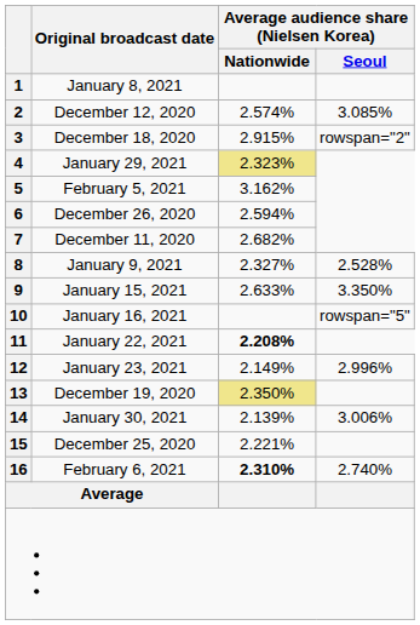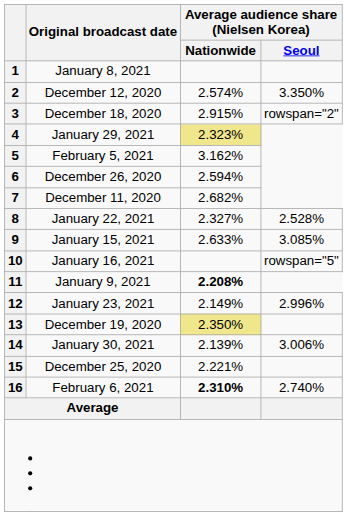 <table class="wikitable" style="text-align:center;max-width:450px; margin-left: auto; margin-right: auto; border: none;">
 <tr>
 </tr>
 <tr>
 <th rowspan="2"></th>
 <th rowspan="2">Original broadcast date</th>
 <th colspan="2">Average audience share<br>(Nielsen Korea)</th>
 </tr>
 <tr>
 <th width="90">Nationwide</th>
 <th width="90"><a href='#'>Seoul</a></th>
 </tr>
 <tr>
 <th>1</th>
 <td>January 8, 2021</td>
 <td><strong></strong> </td>
 <td><strong></strong> </td>
 </tr>
 <tr>
 <th>2</th>
 <td>December 12, 2020</td>
 <td>2.574% </td>
-<td>3.085% </td>
+<td>3.350% </td>
 </tr>
 <tr>
 <th>3</th>
 <td>December 18, 2020</td>
 <td>2.915% </td>
 <td>rowspan="2" </td>
 </tr>
 <tr>
 <th>4</th>
 <td>January 29, 2021</td>
 <td style="background: khaki;">2.323% </td>
 </tr>
 <tr>
 <th>5</th>
 <td>February 5, 2021</td>
 <td>3.162% </td>
 </tr>
 <tr>
 <th>6</th>
 <td>December 26, 2020</td>
 <td>2.594% </td>
 </tr>
 <tr>
 <th>7</th>
 <td>December 11, 2020</td>
 <td>2.682% </td>
 </tr>
 <tr>
 <th>8</th>
-<td>January 9, 2021</td>
+<td>January 22, 2021</td>
 <td>2.327% </td>
 <td>2.528% </td>
 </tr>
 <tr>
 <th>9</th>
 <td>January 15, 2021</td>
 <td>2.633% </td>
-<td>3.350% </td>
+<td>3.085% </td>
 </tr>
 <tr>
 <th>10</th>
 <td>January 16, 2021</td>
 <td><strong></strong> </td>
 <td>rowspan="5" </td>
 </tr>
 <tr>
 <th>11</th>
-<td>January 22, 2021</td>
+<td>January 9, 2021</td>
 <td><strong>2.208% </strong></td>
 </tr>
 <tr>
 <th>12</th>
 <td>January 23, 2021</td>
 <td>2.149% </td>
 <td>2.996% </td>
 </tr>
 <tr>
 <th>13</th>
 <td>December 19, 2020</td>
 <td style="background: khaki;">2.350% </td>
 <td></td>
 </tr>
 <tr>
 <th>14</th>
 <td>January 30, 2021</td>
 <td>2.139% </td>
 <td>3.006% </td>
 </tr>
 <tr>
 <th>15</th>
 <td>December 25, 2020</td>
 <td>2.221% </td>
 <td></td>
 </tr>
 <tr>
 <th>16</th>
 <td>February 6, 2021</td>
 <td><strong>2.310% </strong></td>
 <td>2.740% </td>
 </tr>
 <tr>
 <th colspan="2">Average</th>
 <th></th>
 <th></th>
 </tr>
 <tr>
 <td colspan="6"><br><ul><li></li><li></li><li></li></ul></td>
 </tr>
 </table>
